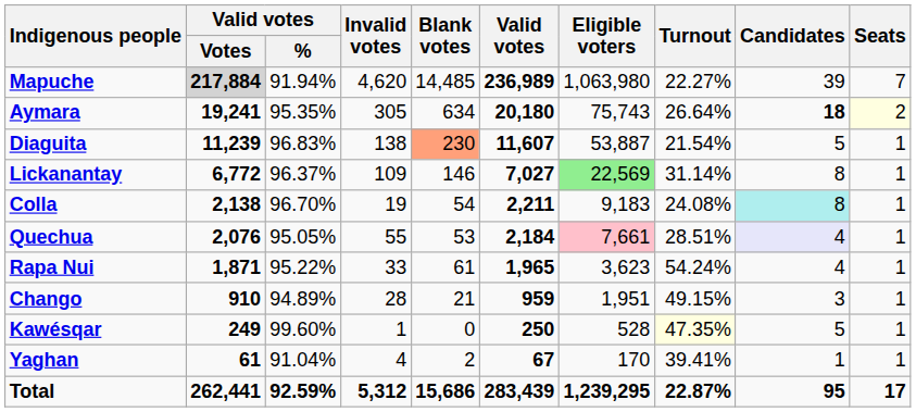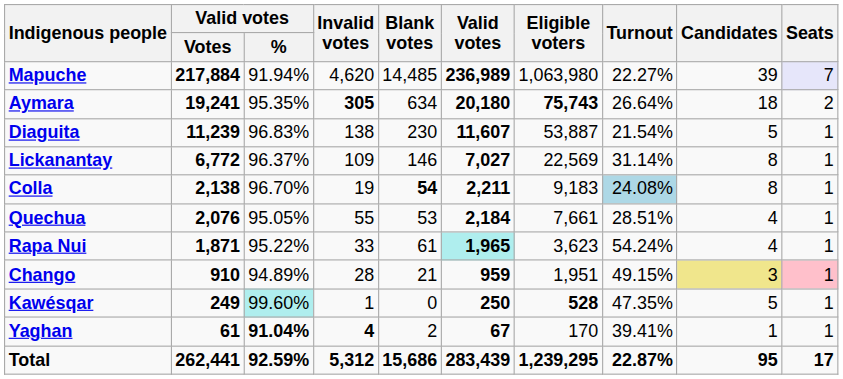 <table class="wikitable sortable">
 <tr>
 <th rowspan=2>Indigenous people</th>
 <th colspan=2>Valid votes</th>
 <th rowspan=2>Invalid<br>votes</th>
 <th rowspan=2>Blank<br>votes</th>
 <th rowspan=2>Valid<br>votes</th>
 <th rowspan=2>Eligible<br>voters</th>
 <th rowspan=2>Turnout</th>
 <th rowspan=2>Candidates</th>
 <th rowspan=2>Seats</th>
 </tr>
 <tr>
 <th>Votes</th>
 <th>%</th>
 </tr>
 <tr>
 <td><strong><a href='#'>Mapuche</a></strong></td>
-<td align=right style="background: lightgrey;"><strong>217,884</strong></td>
+<td align=right><strong>217,884</strong></td>
 <td align=right>91.94%</td>
 <td align=right>4,620</td>
 <td align=right>14,485</td>
 <td align=right><strong>236,989</strong></td>
 <td align=right>1,063,980</td>
 <td align=right>22.27%</td>
 <td align=right>39</td>
-<td align=right>7</td>
+<td align=right style="background: lavender;">7</td>
 </tr>
 <tr>
 <td><strong><a href='#'>Aymara</a></strong></td>
 <td align=right><strong>19,241</strong></td>
 <td align=right>95.35%</td>
-<td align=right>305</td>
+<td align=right><strong>305</strong></td>
 <td align=right>634</td>
 <td align=right><strong>20,180</strong></td>
-<td align=right>75,743</td>
+<td align=right><strong>75,743</strong></td>
 <td align=right>26.64%</td>
-<td align=right><strong>18</strong></td>
-<td align=right style="background: lightyellow;">2</td>
+<td align=right>18</td>
+<td align=right>2</td>
 </tr>
 <tr>
 <td><strong><a href='#'>Diaguita</a></strong></td>
 <td align=right><strong>11,239</strong></td>
 <td align=right>96.83%</td>
 <td align=right>138</td>
-<td align=right style="background: lightsalmon;">230</td>
+<td align=right>230</td>
 <td align=right><strong>11,607</strong></td>
 <td align=right>53,887</td>
 <td align=right>21.54%</td>
 <td align=right>5</td>
 <td align=right>1</td>
 </tr>
 <tr>
 <td><strong><a href='#'>Lickanantay</a></strong></td>
 <td align=right><strong>6,772</strong></td>
 <td align=right>96.37%</td>
 <td align=right>109</td>
 <td align=right>146</td>
 <td align=right><strong>7,027</strong></td>
-<td align=right style="background: lightgreen;">22,569</td>
+<td align=right>22,569</td>
 <td align=right>31.14%</td>
 <td align=right>8</td>
 <td align=right>1</td>
 </tr>
 <tr>
 <td><strong><a href='#'>Colla</a></strong></td>
 <td align=right><strong>2,138</strong></td>
 <td align=right>96.70%</td>
 <td align=right>19</td>
-<td align=right>54</td>
+<td align=right><strong>54</strong></td>
 <td align=right><strong>2,211</strong></td>
 <td align=right>9,183</td>
-<td align=right>24.08%</td>
-<td align=right style="background: paleturquoise;">8</td>
+<td align=right style="background: lightblue;">24.08%</td>
+<td align=right>8</td>
 <td align=right>1</td>
 </tr>
 <tr>
 <td><strong><a href='#'>Quechua</a></strong></td>
 <td align=right><strong>2,076</strong></td>
 <td align=right>95.05%</td>
 <td align=right>55</td>
 <td align=right>53</td>
 <td align=right><strong>2,184</strong></td>
-<td align=right style="background: pink;">7,661</td>
+<td align=right>7,661</td>
 <td align=right>28.51%</td>
-<td align=right style="background: lavender;">4</td>
+<td align=right>4</td>
 <td align=right>1</td>
 </tr>
 <tr>
 <td><strong><a href='#'>Rapa Nui</a></strong></td>
 <td align=right><strong>1,871</strong></td>
 <td align=right>95.22%</td>
 <td align=right>33</td>
 <td align=right>61</td>
-<td align=right><strong>1,965</strong></td>
+<td align=right style="background: paleturquoise;"><strong>1,965</strong></td>
 <td align=right>3,623</td>
 <td align=right>54.24%</td>
 <td align=right>4</td>
 <td align=right>1</td>
 </tr>
 <tr>
 <td><strong><a href='#'>Chango</a></strong></td>
 <td align=right><strong>910</strong></td>
 <td align=right>94.89%</td>
 <td align=right>28</td>
 <td align=right>21</td>
 <td align=right><strong>959</strong></td>
 <td align=right>1,951</td>
 <td align=right>49.15%</td>
-<td align=right>3</td>
-<td align=right>1</td>
+<td align=right style="background: khaki;">3</td>
+<td align=right style="background: pink;">1</td>
 </tr>
 <tr>
 <td><strong><a href='#'>Kawésqar</a></strong></td>
 <td align=right><strong>249</strong></td>
-<td align=right>99.60%</td>
+<td align=right style="background: paleturquoise;">99.60%</td>
 <td align=right>1</td>
 <td align=right>0</td>
 <td align=right><strong>250</strong></td>
-<td align=right>528</td>
-<td align=right style="background: lightyellow;">47.35%</td>
+<td align=right><strong>528</strong></td>
+<td align=right>47.35%</td>
 <td align=right>5</td>
 <td align=right>1</td>
 </tr>
 <tr>
 <td><strong><a href='#'>Yaghan</a></strong></td>
 <td align=right><strong>61</strong></td>
-<td align=right>91.04%</td>
-<td align=right>4</td>
+<td align=right><strong>91.04%</strong></td>
+<td align=right><strong>4</strong></td>
 <td align=right>2</td>
 <td align=right><strong>67</strong></td>
 <td align=right>170</td>
 <td align=right>39.41%</td>
 <td align=right>1</td>
 <td align=right>1</td>
 </tr>
 <tr class="sortbottom">
 <td><strong>Total</strong></td>
 <td align=right><strong>262,441</strong></td>
 <td align=right><strong>92.59%</strong></td>
 <td align=right><strong>5,312</strong></td>
 <td align=right><strong>15,686</strong></td>
 <td align=right><strong>283,439</strong></td>
 <td align=right><strong>1,239,295</strong></td>
 <td align=right><strong>22.87%</strong></td>
 <td align=right><strong>95</strong></td>
 <td align=right><strong>17</strong></td>
 </tr>
 </table>
